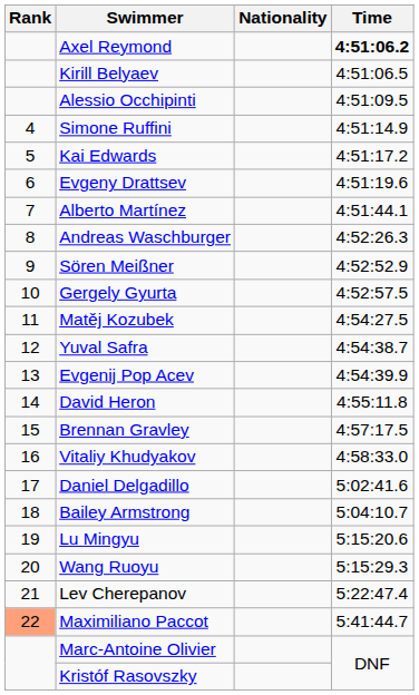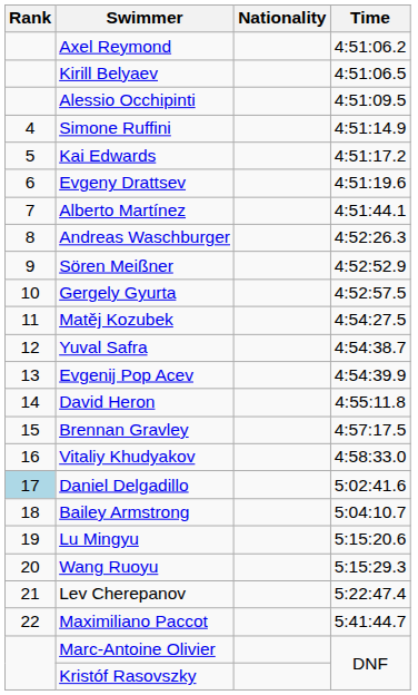 <table class="wikitable sortable" border="1" style="text-align:center">
 <tr>
 <th>Rank</th>
 <th>Swimmer</th>
 <th>Nationality</th>
 <th>Time</th>
 </tr>
 <tr>
 <td></td>
 <td align=left><a href='#'>Axel Reymond</a></td>
 <td align=left></td>
-<td><strong>4:51:06.2</strong></td>
+<td>4:51:06.2</td>
 </tr>
 <tr>
 <td></td>
 <td align=left><a href='#'>Kirill Belyaev</a></td>
 <td align=left></td>
 <td>4:51:06.5</td>
 </tr>
 <tr>
 <td></td>
 <td align=left><a href='#'>Alessio Occhipinti</a></td>
 <td align=left></td>
 <td>4:51:09.5</td>
 </tr>
 <tr>
 <td>4</td>
 <td align=left><a href='#'>Simone Ruffini</a></td>
 <td align=left></td>
 <td>4:51:14.9</td>
 </tr>
 <tr>
 <td>5</td>
 <td align=left><a href='#'>Kai Edwards</a></td>
 <td align=left></td>
 <td>4:51:17.2</td>
 </tr>
 <tr>
 <td>6</td>
 <td align=left><a href='#'>Evgeny Drattsev</a></td>
 <td align=left></td>
 <td>4:51:19.6</td>
 </tr>
 <tr>
 <td>7</td>
 <td align=left><a href='#'>Alberto Martínez</a></td>
 <td align=left></td>
 <td>4:51:44.1</td>
 </tr>
 <tr>
 <td>8</td>
 <td align=left><a href='#'>Andreas Waschburger</a></td>
 <td align=left></td>
 <td>4:52:26.3</td>
 </tr>
 <tr>
 <td>9</td>
 <td align=left><a href='#'>Sören Meißner</a></td>
 <td align=left></td>
 <td>4:52:52.9</td>
 </tr>
 <tr>
 <td>10</td>
 <td align=left><a href='#'>Gergely Gyurta</a></td>
 <td align=left></td>
 <td>4:52:57.5</td>
 </tr>
 <tr>
 <td>11</td>
 <td align=left><a href='#'>Matěj Kozubek</a></td>
 <td align=left></td>
 <td>4:54:27.5</td>
 </tr>
 <tr>
 <td>12</td>
 <td align=left><a href='#'>Yuval Safra</a></td>
 <td align=left></td>
 <td>4:54:38.7</td>
 </tr>
 <tr>
 <td>13</td>
 <td align=left><a href='#'>Evgenij Pop Acev</a></td>
 <td align=left></td>
 <td>4:54:39.9</td>
 </tr>
 <tr>
 <td>14</td>
 <td align=left><a href='#'>David Heron</a></td>
 <td align=left></td>
 <td>4:55:11.8</td>
 </tr>
 <tr>
 <td>15</td>
 <td align=left><a href='#'>Brennan Gravley</a></td>
 <td align=left></td>
 <td>4:57:17.5</td>
 </tr>
 <tr>
 <td>16</td>
 <td align=left><a href='#'>Vitaliy Khudyakov</a></td>
 <td align=left></td>
 <td>4:58:33.0</td>
 </tr>
 <tr>
-<td>17</td>
+<td style="background: lightblue;">17</td>
 <td align=left><a href='#'>Daniel Delgadillo</a></td>
 <td align=left></td>
 <td>5:02:41.6</td>
 </tr>
 <tr>
 <td>18</td>
 <td align=left><a href='#'>Bailey Armstrong</a></td>
 <td align=left></td>
 <td>5:04:10.7</td>
 </tr>
 <tr>
 <td>19</td>
 <td align=left><a href='#'>Lu Mingyu</a></td>
 <td align=left></td>
 <td>5:15:20.6</td>
 </tr>
 <tr>
 <td>20</td>
 <td align=left><a href='#'>Wang Ruoyu</a></td>
 <td align=left></td>
 <td>5:15:29.3</td>
 </tr>
 <tr>
 <td>21</td>
 <td align=left>Lev Cherepanov</td>
 <td align=left></td>
 <td>5:22:47.4</td>
 </tr>
 <tr>
-<td style="background: lightsalmon;">22</td>
+<td>22</td>
 <td align=left><a href='#'>Maximiliano Paccot</a></td>
 <td align=left></td>
 <td>5:41:44.7</td>
 </tr>
 <tr>
 <td rowspan=2></td>
 <td align=left><a href='#'>Marc-Antoine Olivier</a></td>
 <td align=left></td>
 <td rowspan=2>DNF</td>
 </tr>
 <tr>
 <td align=left><a href='#'>Kristóf Rasovszky</a></td>
 <td align=left></td>
 </tr>
 </table>
